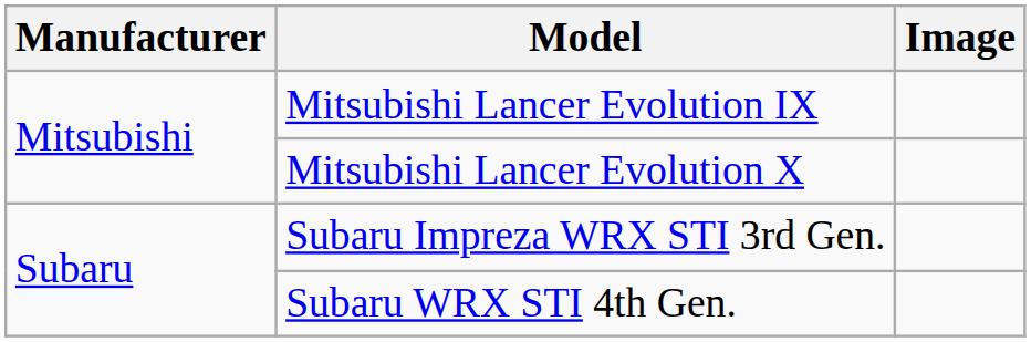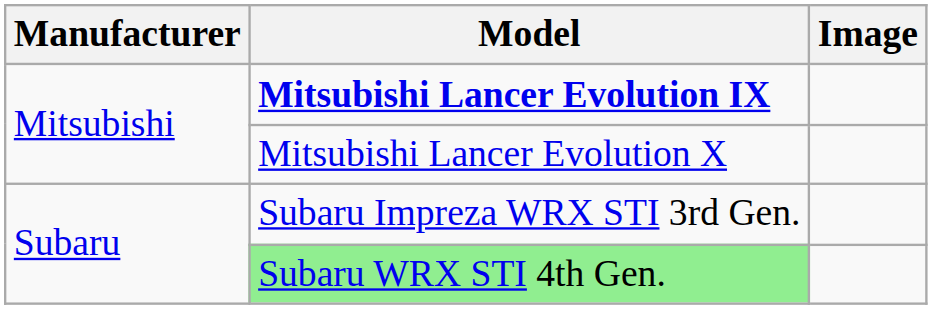 <table class="wikitable">
 <tr>
 <th>Manufacturer</th>
 <th>Model</th>
 <th>Image</th>
 </tr>
 <tr>
 <td rowspan=2> <a href='#'>Mitsubishi</a></td>
-<td><a href='#'>Mitsubishi Lancer Evolution IX</a></td>
+<td><strong><a href='#'>Mitsubishi Lancer Evolution IX</a></strong></td>
 <td></td>
 </tr>
 <tr>
 <td><a href='#'>Mitsubishi Lancer Evolution X</a></td>
 <td></td>
 </tr>
 <tr>
 <td rowspan=2> <a href='#'>Subaru</a></td>
 <td><a href='#'>Subaru Impreza WRX STI</a> 3rd Gen.</td>
 <td></td>
 </tr>
 <tr>
-<td><a href='#'>Subaru WRX STI</a> 4th Gen.</td>
+<td style="background: lightgreen;"><a href='#'>Subaru WRX STI</a> 4th Gen.</td>
 <td></td>
 </tr>
 </table>
